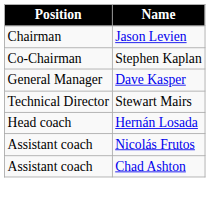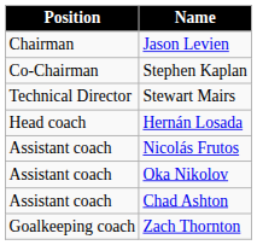 <table class="wikitable">
 <tr>
 <th style="background:#000000; color:white;">Position</th>
 <th style="background:#000000; color:white;">Name</th>
 </tr>
 <tr>
 <td>Chairman</td>
 <td align=left> <a href='#'>Jason Levien</a></td>
 </tr>
 <tr>
 <td>Co-Chairman</td>
 <td align=left> Stephen Kaplan</td>
-</tr>
-<tr>
-<td>General Manager</td>
-<td align=left> <a href='#'>Dave Kasper</a></td>
 </tr>
 <tr>
 <td>Technical Director</td>
 <td align=left> Stewart Mairs</td>
 </tr>
 <tr>
 <td>Head coach</td>
 <td align=left> <a href='#'>Hernán Losada</a></td>
 </tr>
 <tr>
 <td>Assistant coach</td>
 <td align=left> <a href='#'>Nicolás Frutos</a></td>
 </tr>
 <tr>
 <td>Assistant coach</td>
+<td align=left> <a href='#'>Oka Nikolov</a></td>
+</tr>
+<tr>
+<td>Assistant coach</td>
 <td align=left> <a href='#'>Chad Ashton</a></td>
 </tr>
+<tr>
+<td>Goalkeeping coach</td>
+<td align=left> <a href='#'>Zach Thornton</a></td>
+</tr>
 </table>
